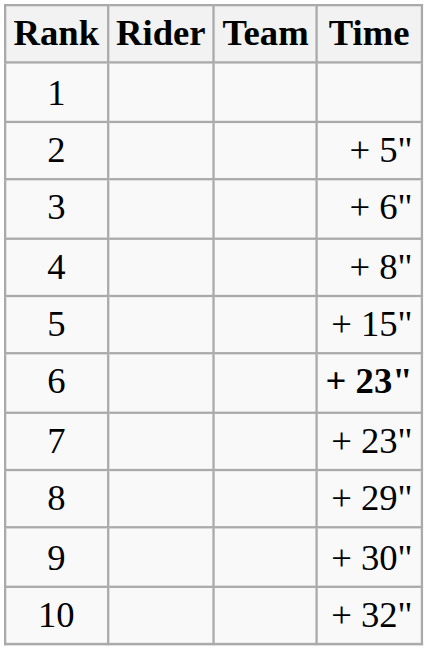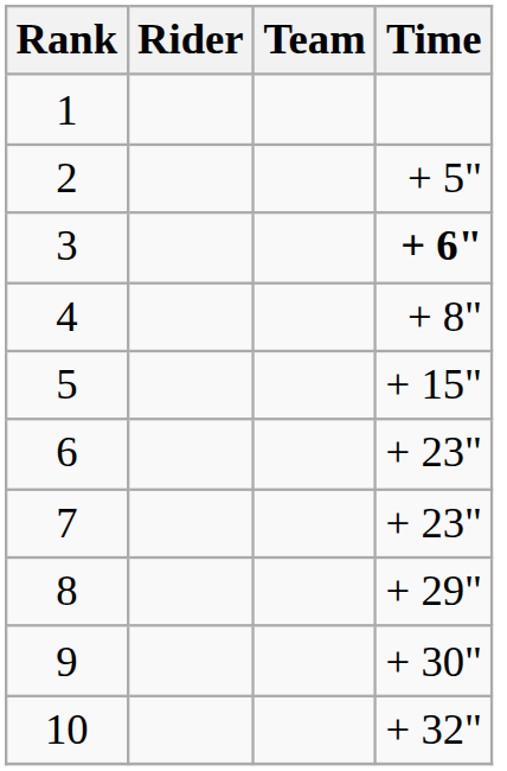 <table class="wikitable">
 <tr>
 <th scope="col">Rank</th>
 <th scope="col">Rider</th>
 <th scope="col">Team</th>
 <th scope="col">Time</th>
 </tr>
 <tr>
 <td style="text-align:center;">1</td>
 <td>    </td>
 <td></td>
 <td style="text-align:right;"></td>
 </tr>
 <tr>
 <td style="text-align:center;">2</td>
 <td></td>
 <td></td>
 <td style="text-align:right;">+ 5"</td>
 </tr>
 <tr>
 <td style="text-align:center;">3</td>
 <td></td>
 <td></td>
-<td style="text-align:right;">+ 6"</td>
+<td style="text-align:right;"><strong>+ 6"</strong></td>
 </tr>
 <tr>
 <td style="text-align:center;">4</td>
 <td></td>
 <td></td>
 <td style="text-align:right;">+ 8"</td>
 </tr>
 <tr>
 <td style="text-align:center;">5</td>
 <td></td>
 <td></td>
 <td style="text-align:right;">+ 15"</td>
 </tr>
 <tr>
 <td style="text-align:center;">6</td>
 <td></td>
 <td></td>
-<td style="text-align:right;"><strong>+ 23"</strong></td>
+<td style="text-align:right;">+ 23"</td>
 </tr>
 <tr>
 <td style="text-align:center;">7</td>
 <td></td>
 <td></td>
 <td style="text-align:right;">+ 23"</td>
 </tr>
 <tr>
 <td style="text-align:center;">8</td>
 <td></td>
 <td></td>
 <td style="text-align:right;">+ 29"</td>
 </tr>
 <tr>
 <td style="text-align:center;">9</td>
 <td></td>
 <td></td>
 <td style="text-align:right;">+ 30"</td>
 </tr>
 <tr>
 <td style="text-align:center;">10</td>
 <td></td>
 <td></td>
 <td style="text-align:right;">+ 32"</td>
 </tr>
 <tr>
 </tr>
 </table>
